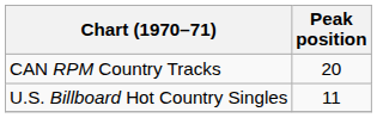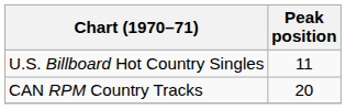 <table class="wikitable sortable">
 <tr>
 <th align="left">Chart (1970–71)</th>
 <th align="center">Peak<br>position</th>
 </tr>
 <tr>
+<td align="left">U.S. <em>Billboard</em> Hot Country Singles</td>
+<td align="center">11</td>
+</tr>
+<tr>
 <td align="left">CAN <em>RPM</em> Country Tracks</td>
 <td align="center">20</td>
 </tr>
 <tr>
-<td align="left">U.S. <em>Billboard</em> Hot Country Singles</td>
-<td align="center">11</td>
-</tr>
-<tr>
 </tr>
 </table>
